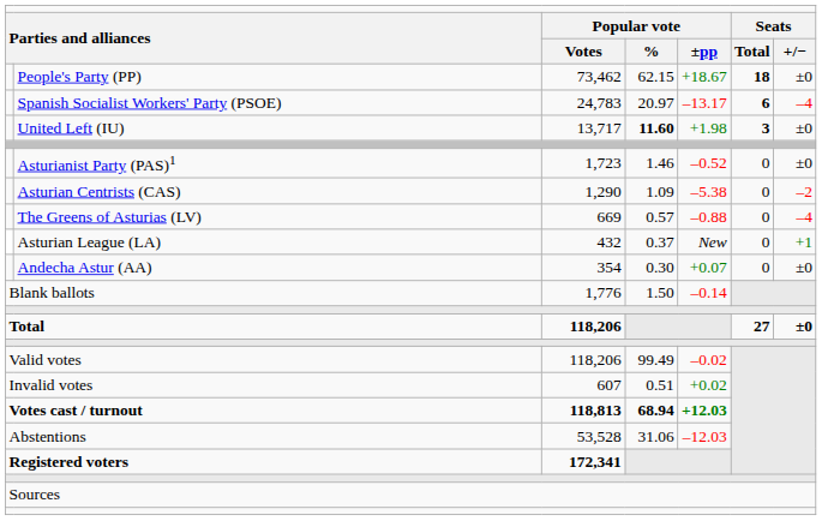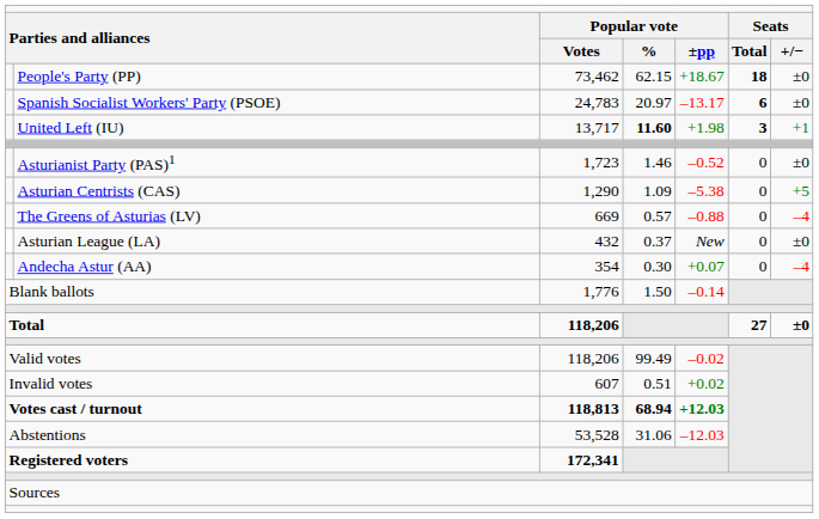 <table class="wikitable" style="text-align:right;">
 <tr>
 <td colspan="7"></td>
 </tr>
 <tr>
 <th style="text-align:left;" rowspan="2" colspan="2" width="525">Parties and alliances</th>
 <th colspan="3">Popular vote</th>
 <th colspan="2">Seats</th>
 </tr>
 <tr>
 <th width="75">Votes</th>
 <th width="45">%</th>
 <th width="45">±<a href='#'>pp</a></th>
 <th width="35">Total</th>
 <th width="35">+/−</th>
 </tr>
 <tr>
 <td width="1" style="color:inherit;background:"></td>
 <td align="left"><a href='#'>People's Party</a> (PP)</td>
 <td>73,462</td>
 <td>62.15</td>
 <td style="color:green;">+18.67</td>
 <td><strong>18</strong></td>
 <td>±0</td>
 </tr>
 <tr>
 <td style="color:inherit;background:"></td>
 <td align="left"><a href='#'>Spanish Socialist Workers' Party</a> (PSOE)</td>
 <td>24,783</td>
 <td>20.97</td>
 <td style="color:red;">–13.17</td>
 <td><strong>6</strong></td>
-<td style="color:red;">–4</td>
+<td>±0</td>
 </tr>
 <tr>
 <td style="color:inherit;background:"></td>
 <td align="left"><a href='#'>United Left</a> (IU)</td>
 <td>13,717</td>
 <td><strong>11.60</strong></td>
 <td style="color:green;">+1.98</td>
 <td><strong>3</strong></td>
-<td>±0</td>
+<td style="color:green;">+1</td>
 </tr>
 <tr>
 <td colspan="7" bgcolor="#C0C0C0"></td>
 </tr>
 <tr>
 <td style="color:inherit;background:"></td>
 <td align="left"><a href='#'>Asturianist Party</a> (PAS)<sup>1</sup></td>
 <td>1,723</td>
 <td>1.46</td>
 <td style="color:red;">–0.52</td>
 <td>0</td>
 <td>±0</td>
 </tr>
 <tr>
 <td style="color:inherit;background:"></td>
 <td align="left"><a href='#'>Asturian Centrists</a> (CAS)</td>
 <td>1,290</td>
 <td>1.09</td>
 <td style="color:red;">–5.38</td>
 <td>0</td>
-<td style="color:red;">–2</td>
+<td style="color:green;">+5</td>
 </tr>
 <tr>
 <td style="color:inherit;background:"></td>
 <td align="left"><a href='#'>The Greens of Asturias</a> (LV)</td>
 <td>669</td>
 <td>0.57</td>
 <td style="color:red;">–0.88</td>
 <td>0</td>
 <td style="color:red;">–4</td>
 </tr>
 <tr>
 <td bgcolor="white"></td>
 <td align="left">Asturian League (LA)</td>
 <td>432</td>
 <td>0.37</td>
 <td><em>New</em></td>
 <td>0</td>
-<td style="color:green;">+1</td>
+<td>±0</td>
 </tr>
 <tr>
 <td style="color:inherit;background:"></td>
 <td align="left"><a href='#'>Andecha Astur</a> (AA)</td>
 <td>354</td>
 <td>0.30</td>
 <td style="color:green;">+0.07</td>
 <td>0</td>
-<td>±0</td>
+<td style="color:red;">–4</td>
 </tr>
 <tr>
 <td align="left" colspan="2">Blank ballots</td>
 <td>1,776</td>
 <td>1.50</td>
 <td style="color:red;">–0.14</td>
 <td bgcolor="#E9E9E9" colspan="2"></td>
 </tr>
 <tr>
 <td colspan="7" bgcolor="#E9E9E9"></td>
 </tr>
 <tr style="font-weight:bold;">
 <td align="left" colspan="2">Total</td>
 <td>118,206</td>
 <td bgcolor="#E9E9E9" colspan="2"></td>
 <td>27</td>
 <td>±0</td>
 </tr>
 <tr>
 <td colspan="7" bgcolor="#E9E9E9"></td>
 </tr>
 <tr>
 <td align="left" colspan="2">Valid votes</td>
 <td>118,206</td>
 <td>99.49</td>
 <td style="color:red;">–0.02</td>
 <td bgcolor="#E9E9E9" colspan="2" rowspan="5"></td>
 </tr>
 <tr>
 <td align="left" colspan="2">Invalid votes</td>
 <td>607</td>
 <td>0.51</td>
 <td style="color:green;">+0.02</td>
 </tr>
 <tr style="font-weight:bold;">
 <td align="left" colspan="2">Votes cast / turnout</td>
 <td>118,813</td>
 <td>68.94</td>
 <td style="color:green;">+12.03</td>
 </tr>
 <tr>
 <td align="left" colspan="2">Abstentions</td>
 <td>53,528</td>
 <td>31.06</td>
 <td style="color:red;">–12.03</td>
 </tr>
 <tr style="font-weight:bold;">
 <td align="left" colspan="2">Registered voters</td>
 <td>172,341</td>
 <td bgcolor="#E9E9E9" colspan="2"></td>
 </tr>
 <tr>
 <td colspan="7" bgcolor="#E9E9E9"></td>
 </tr>
 <tr>
 <td align="left" colspan="7">Sources</td>
 </tr>
 <tr>
 <td colspan="7" style="text-align:left; max-width:790px;"></td>
 </tr>
 </table>
